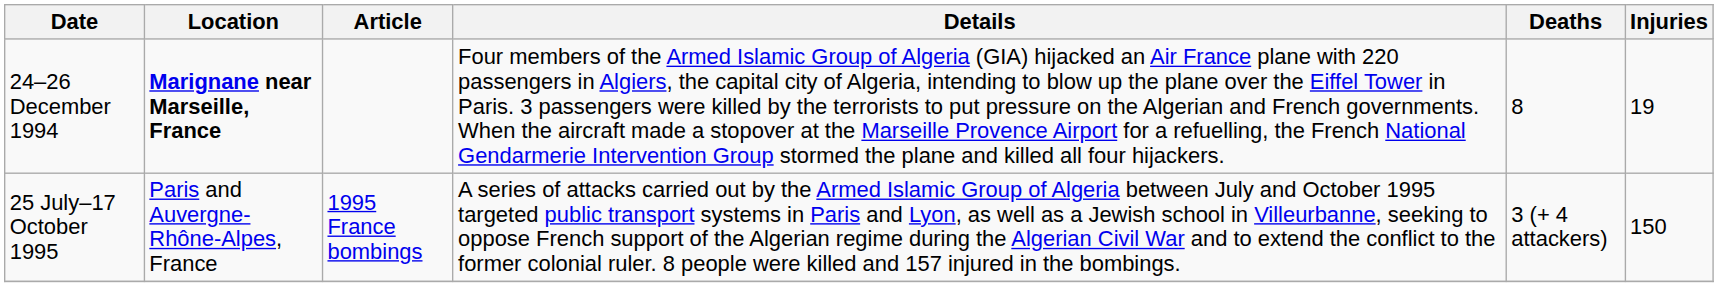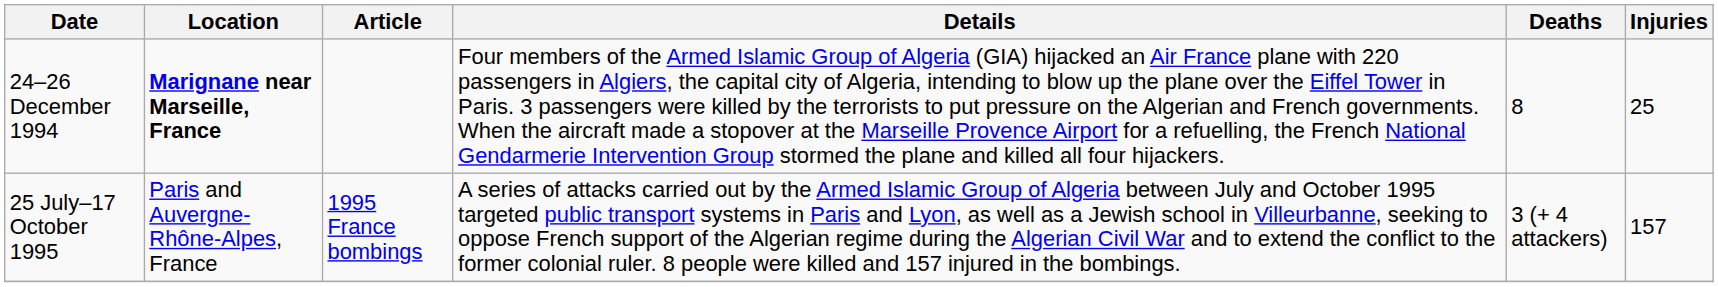 <table class="wikitable ">
 <tr>
 <th>Date</th>
 <th>Location</th>
 <th>Article</th>
 <th>Details</th>
 <th>Deaths</th>
 <th>Injuries</th>
 </tr>
 <tr>
 <td>24–26 December 1994</td>
 <td><strong> <a href='#'>Marignane</a> near Marseille, France</strong></td>
 <td></td>
 <td>Four members of the <a href='#'>Armed Islamic Group of Algeria</a> (GIA) hijacked an <a href='#'>Air France</a> plane with 220 passengers in <a href='#'>Algiers</a>, the capital city of Algeria, intending to blow up the plane over the <a href='#'>Eiffel Tower</a> in Paris. 3 passengers were killed by the terrorists to put pressure on the Algerian and French governments. When the aircraft made a stopover at the <a href='#'>Marseille Provence Airport</a> for a refuelling, the French <a href='#'>National Gendarmerie Intervention Group</a> stormed the plane and killed all four hijackers.</td>
 <td>8</td>
-<td>19</td>
+<td>25</td>
 </tr>
 <tr>
 <td>25 July–17 October 1995</td>
 <td> <a href='#'>Paris</a> and <a href='#'>Auvergne-Rhône-Alpes</a>, France</td>
 <td><a href='#'>1995 France bombings</a></td>
 <td>A series of attacks carried out by the <a href='#'>Armed Islamic Group of Algeria</a> between July and October 1995 targeted <a href='#'>public transport</a> systems in <a href='#'>Paris</a> and <a href='#'>Lyon</a>, as well as a Jewish school in <a href='#'>Villeurbanne</a>, seeking to oppose French support of the Algerian regime during the <a href='#'>Algerian Civil War</a> and to extend the conflict to the former colonial ruler. 8 people were killed and 157 injured in the bombings.</td>
 <td>3 (+ 4 attackers)</td>
-<td>150</td>
+<td>157</td>
 </tr>
 <tr>
 </tr>
 </table>
